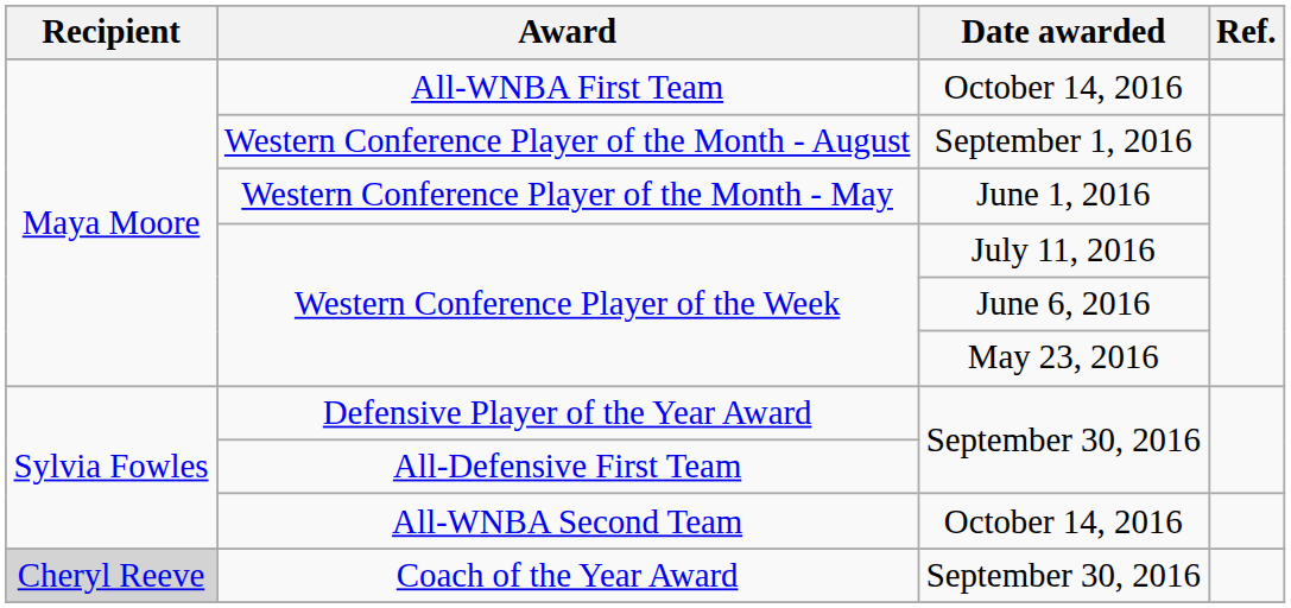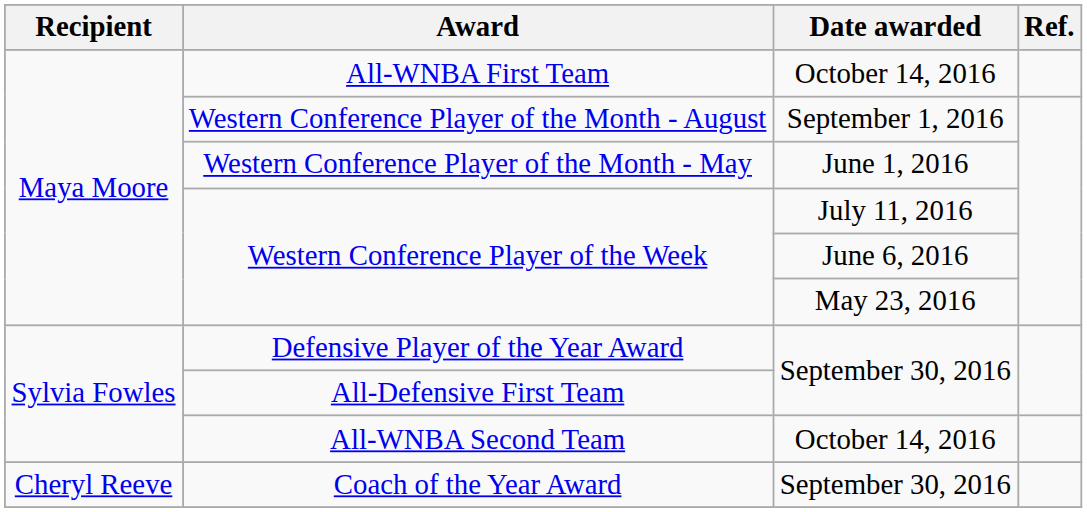 <table class="wikitable sortable sortable" style="text-align: center">
 <tr>
 <th>Recipient</th>
 <th>Award</th>
 <th>Date awarded</th>
 <th>Ref.</th>
 </tr>
 <tr>
 <td rowspan=6><a href='#'>Maya Moore</a></td>
 <td><a href='#'>All-WNBA First Team</a></td>
 <td>October 14, 2016</td>
 <td></td>
 </tr>
 <tr>
 <td><a href='#'>Western Conference Player of the Month - August</a></td>
 <td>September 1, 2016</td>
 <td rowspan=5></td>
 </tr>
 <tr>
 <td><a href='#'>Western Conference Player of the Month - May</a></td>
 <td>June 1, 2016</td>
 </tr>
 <tr>
 <td rowspan=3><a href='#'>Western Conference Player of the Week</a></td>
 <td>July 11, 2016</td>
 </tr>
 <tr>
 <td>June 6, 2016</td>
 </tr>
 <tr>
 <td>May 23, 2016</td>
 </tr>
 <tr>
 <td rowspan=3><a href='#'>Sylvia Fowles</a></td>
 <td><a href='#'>Defensive Player of the Year Award</a></td>
 <td rowspan=2>September 30, 2016</td>
 <td rowspan=2></td>
 </tr>
 <tr>
 <td><a href='#'>All-Defensive First Team</a></td>
 </tr>
 <tr>
 <td><a href='#'>All-WNBA Second Team</a></td>
 <td>October 14, 2016</td>
 <td></td>
 </tr>
 <tr>
-<td style="background: lightgrey;"><a href='#'>Cheryl Reeve</a></td>
+<td><a href='#'>Cheryl Reeve</a></td>
 <td><a href='#'>Coach of the Year Award</a></td>
 <td>September 30, 2016</td>
 <td></td>
 </tr>
 </table>
